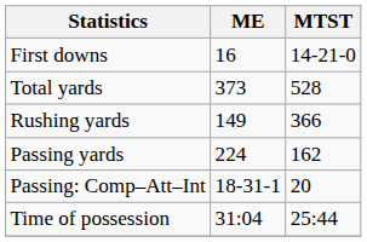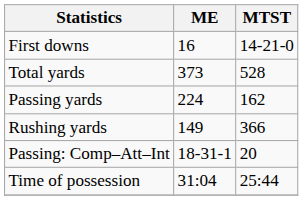 <table class="wikitable" style="float: left;">
 <tr>
 <th>Statistics</th>
 <th>ME</th>
 <th>MTST</th>
 </tr>
 <tr>
 <td>First downs</td>
 <td>16</td>
 <td>14-21-0</td>
 </tr>
 <tr>
 <td>Total yards</td>
 <td>373</td>
 <td>528</td>
 </tr>
 <tr>
+<td>Passing yards</td>
+<td>224</td>
+<td>162</td>
+</tr>
+<tr>
 <td>Rushing yards</td>
 <td>149</td>
 <td>366</td>
-</tr>
-<tr>
-<td>Passing yards</td>
-<td>224</td>
-<td>162</td>
 </tr>
 <tr>
 <td>Passing: Comp–Att–Int</td>
 <td>18-31-1</td>
 <td>20</td>
 </tr>
 <tr>
 <td>Time of possession</td>
 <td>31:04</td>
 <td>25:44</td>
 </tr>
 <tr>
 </tr>
 </table>
